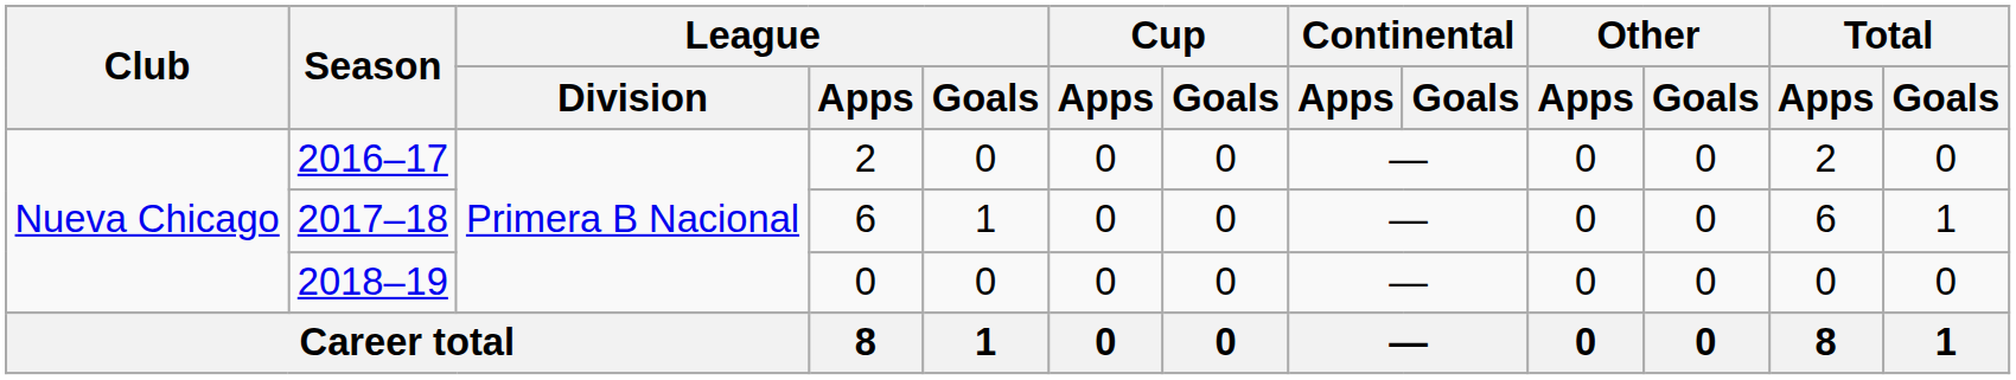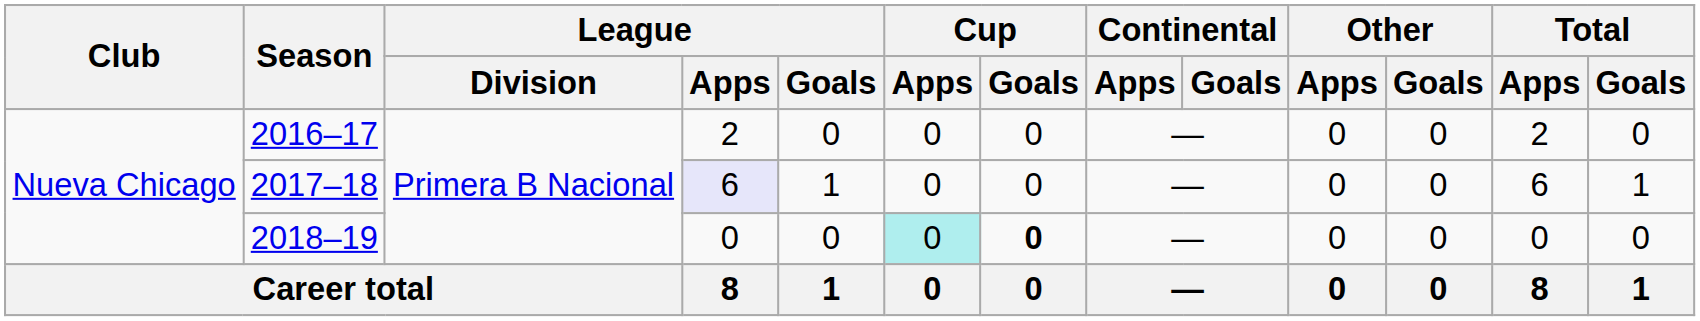 <table class="wikitable" style="text-align:center">
 <tr>
 <th rowspan="2">Club</th>
 <th rowspan="2">Season</th>
 <th colspan="3">League</th>
 <th colspan="2">Cup</th>
 <th colspan="2">Continental</th>
 <th colspan="2">Other</th>
 <th colspan="2">Total</th>
 </tr>
 <tr>
 <th>Division</th>
 <th>Apps</th>
 <th>Goals</th>
 <th>Apps</th>
 <th>Goals</th>
 <th>Apps</th>
 <th>Goals</th>
 <th>Apps</th>
 <th>Goals</th>
 <th>Apps</th>
 <th>Goals</th>
 </tr>
 <tr>
 <td rowspan="3"><a href='#'>Nueva Chicago</a></td>
 <td><a href='#'>2016–17</a></td>
 <td rowspan="3"><a href='#'>Primera B Nacional</a></td>
 <td>2</td>
 <td>0</td>
 <td>0</td>
 <td>0</td>
 <td colspan="2">—</td>
 <td>0</td>
 <td>0</td>
 <td>2</td>
 <td>0</td>
 </tr>
 <tr>
 <td><a href='#'>2017–18</a></td>
-<td>6</td>
+<td style="background: lavender;">6</td>
 <td>1</td>
 <td>0</td>
 <td>0</td>
 <td colspan="2">—</td>
 <td>0</td>
 <td>0</td>
 <td>6</td>
 <td>1</td>
 </tr>
 <tr>
 <td><a href='#'>2018–19</a></td>
 <td>0</td>
 <td>0</td>
-<td>0</td>
-<td>0</td>
+<td style="background: paleturquoise;">0</td>
+<td><strong>0</strong></td>
 <td colspan="2">—</td>
 <td>0</td>
 <td>0</td>
 <td>0</td>
 <td>0</td>
 </tr>
 <tr>
 <th colspan="3">Career total</th>
 <th>8</th>
 <th>1</th>
 <th>0</th>
 <th>0</th>
 <th colspan="2">—</th>
 <th>0</th>
 <th>0</th>
 <th>8</th>
 <th>1</th>
 </tr>
 </table>
